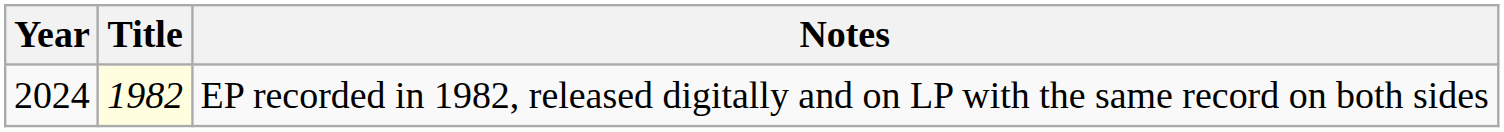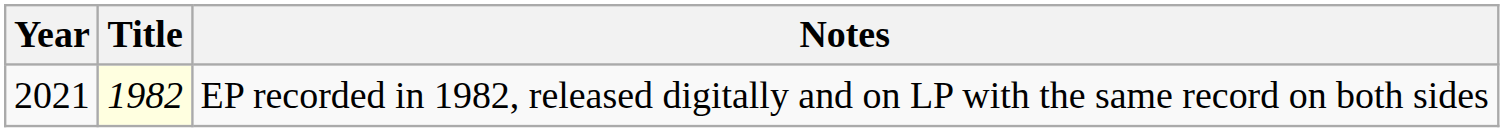 <table class="wikitable">
 <tr>
 <th>Year</th>
 <th>Title</th>
 <th>Notes</th>
 </tr>
 <tr>
-<td>2024</td>
+<td>2021</td>
 <td style="background: lightyellow;"><em>1982</em></td>
 <td>EP recorded in 1982, released digitally and on LP with the same record on both sides</td>
 </tr>
 </table>
